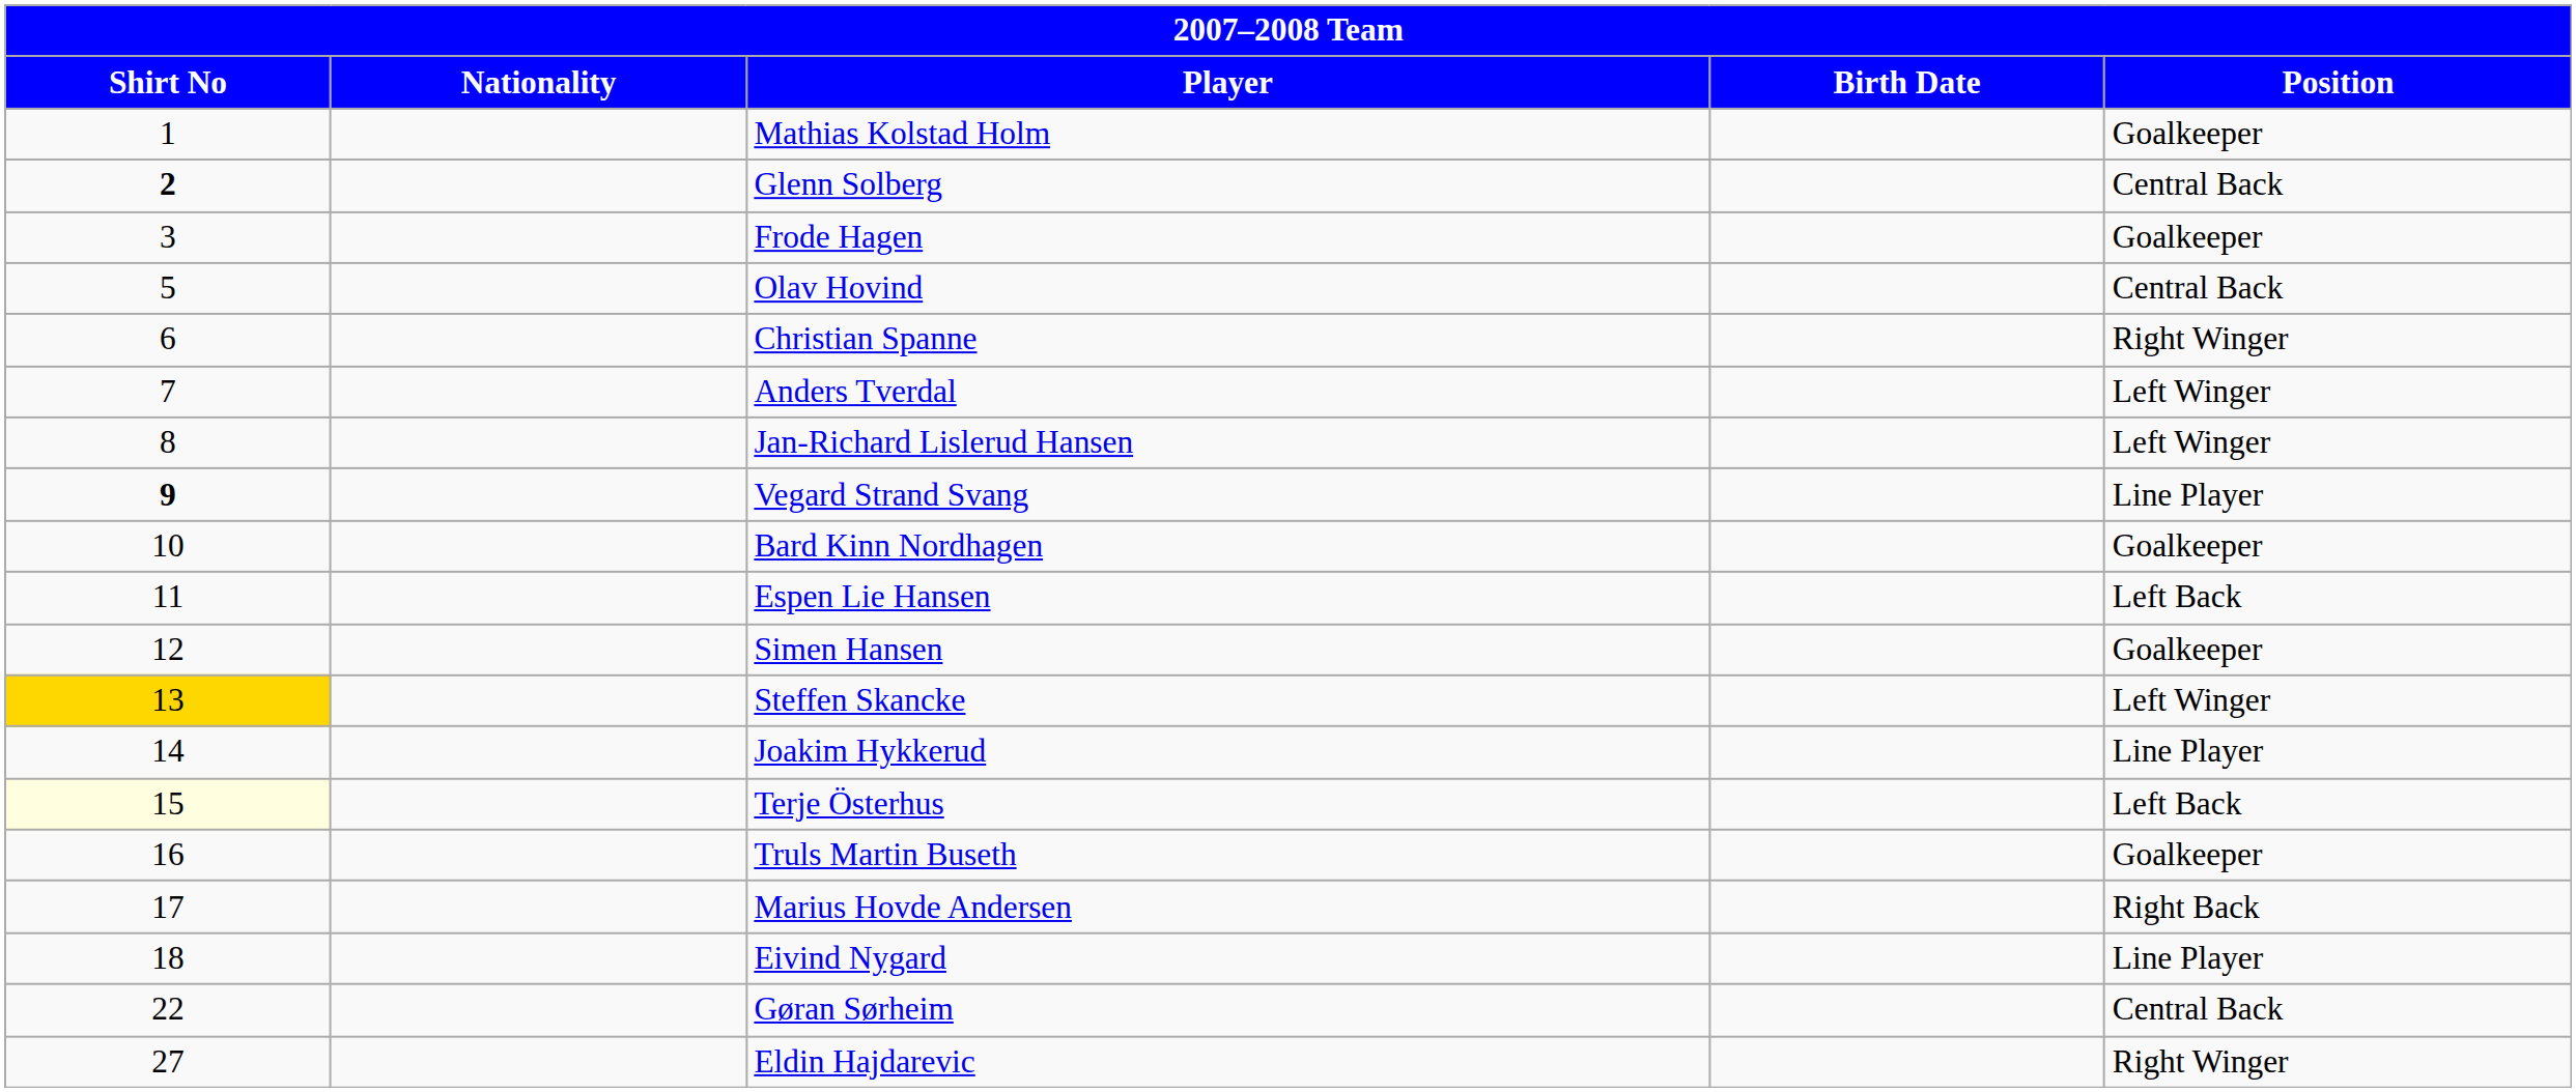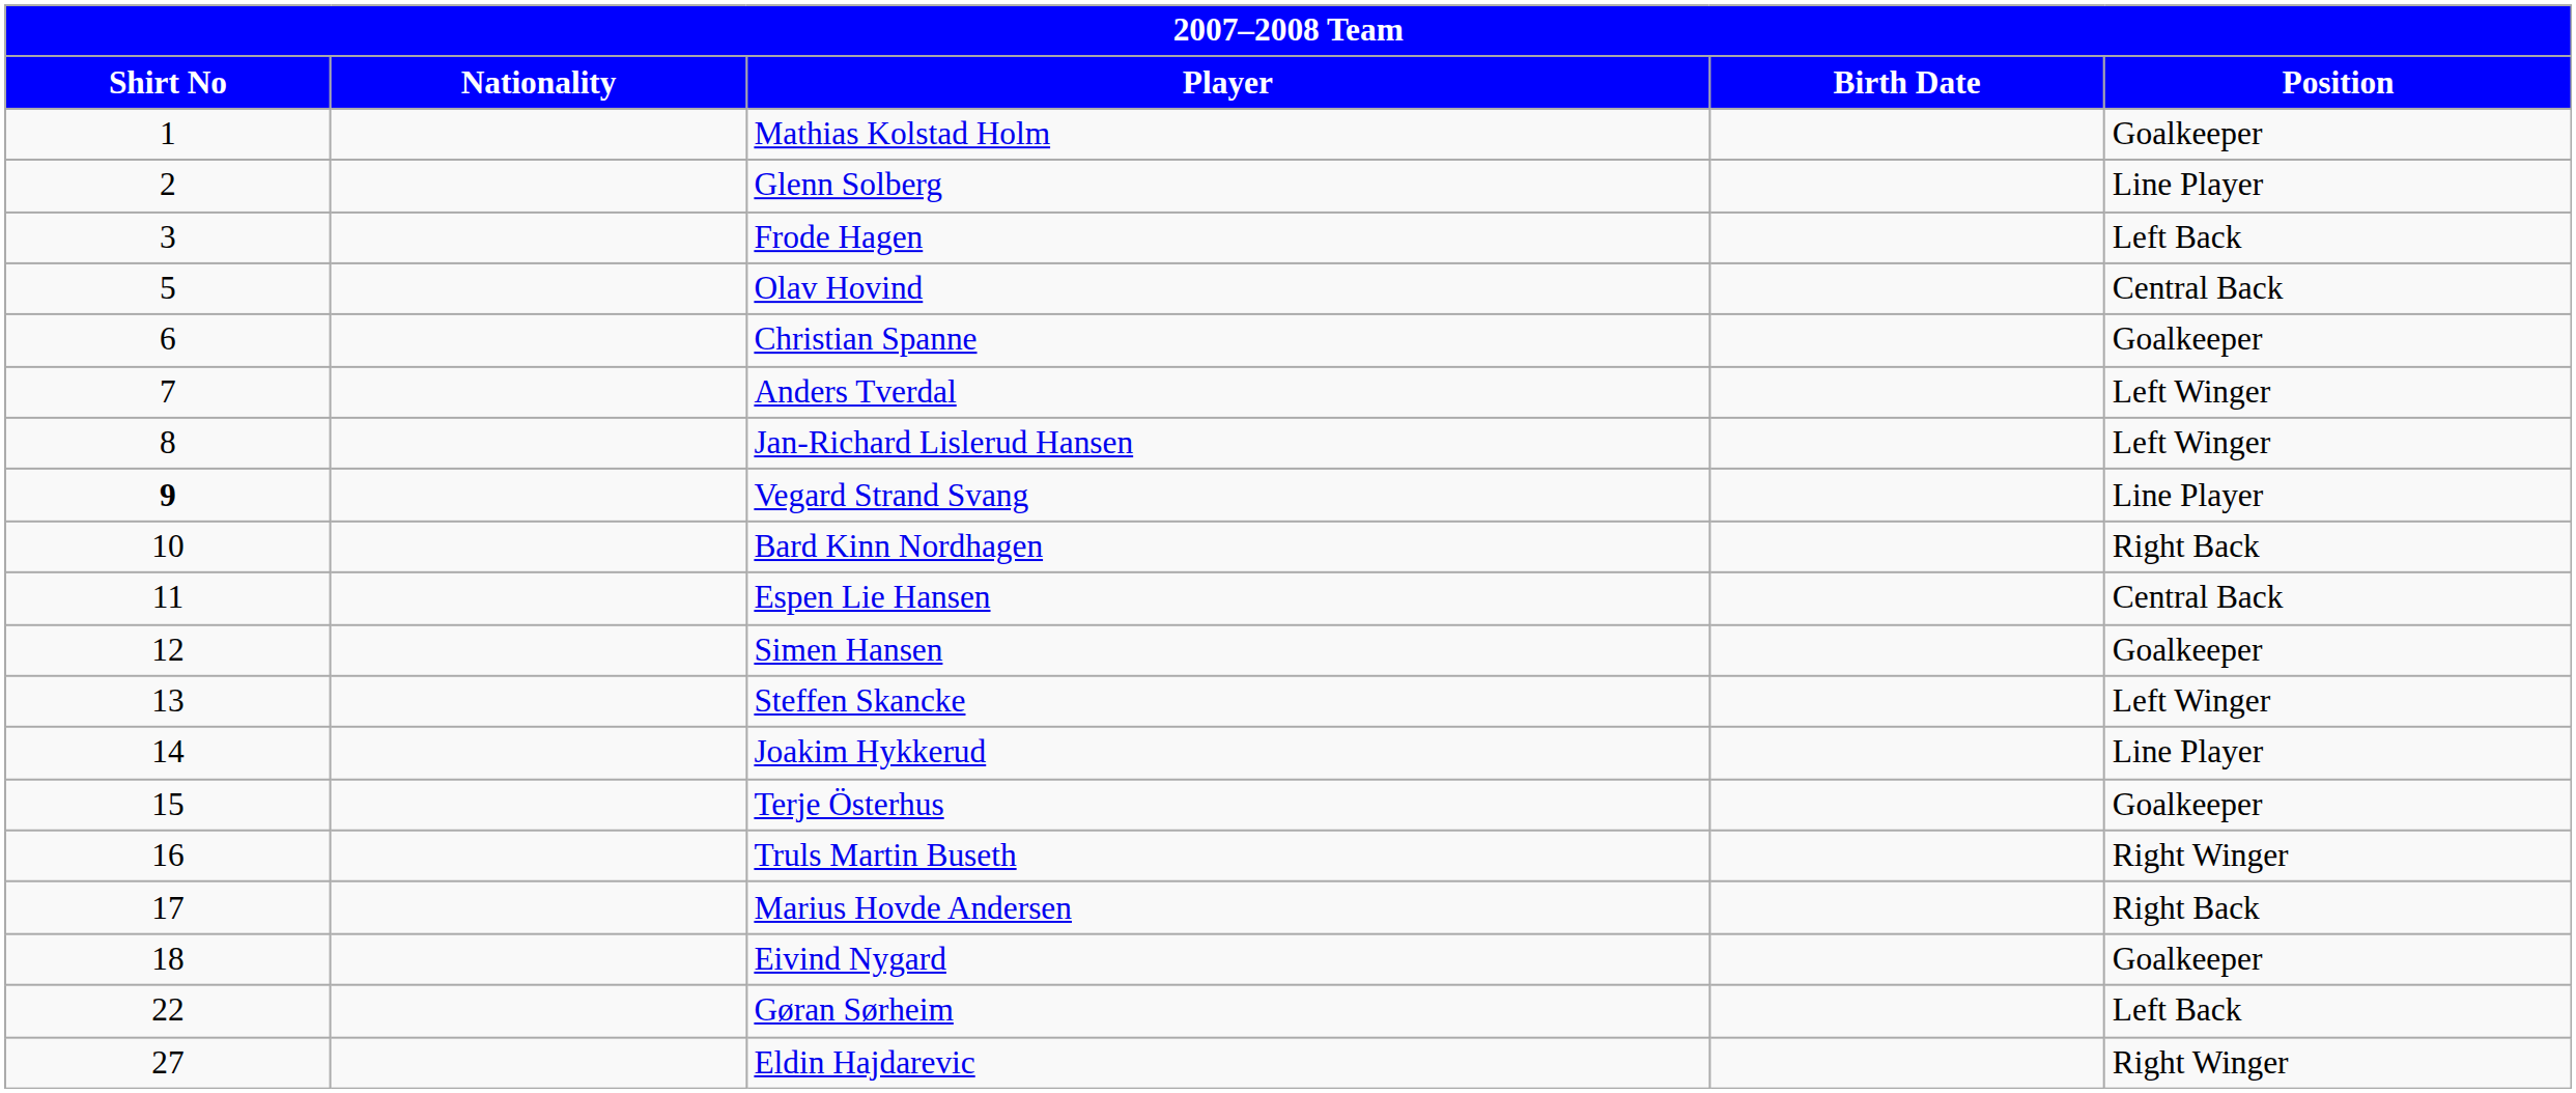 <table class="wikitable collapsible collapsed" style="width:100%">
 <tr>
 <th colspan=5 style="background-color:#0000FF;color:#FFFFFF;text-align:center;"> <strong>2007–2008 Team</strong></th>
 </tr>
 <tr>
 <th style="color:#FFFFFF; background:#0000FF">Shirt No</th>
 <th style="color:#FFFFFF; background:#0000FF">Nationality</th>
 <th style="color:#FFFFFF; background:#0000FF">Player</th>
 <th style="color:#FFFFFF; background:#0000FF">Birth Date</th>
 <th style="color:#FFFFFF; background:#0000FF">Position</th>
 </tr>
 <tr>
 <td align=center>1</td>
 <td></td>
 <td><a href='#'>Mathias Kolstad Holm</a></td>
 <td></td>
 <td>Goalkeeper</td>
 </tr>
 <tr>
-<td align=center><strong>2</strong></td>
+<td align=center>2</td>
 <td></td>
 <td><a href='#'>Glenn Solberg</a></td>
 <td></td>
-<td>Central Back</td>
+<td>Line Player</td>
 </tr>
 <tr>
 <td align=center>3</td>
 <td></td>
 <td><a href='#'>Frode Hagen</a></td>
 <td></td>
-<td>Goalkeeper</td>
+<td>Left Back</td>
 </tr>
 <tr>
 <td align=center>5</td>
 <td></td>
 <td><a href='#'>Olav Hovind</a></td>
 <td></td>
 <td>Central Back</td>
 </tr>
 <tr>
 <td align=center>6</td>
 <td></td>
 <td><a href='#'>Christian Spanne</a></td>
 <td></td>
-<td>Right Winger</td>
+<td>Goalkeeper</td>
 </tr>
 <tr>
 <td align=center>7</td>
 <td></td>
 <td><a href='#'>Anders Tverdal</a></td>
 <td></td>
 <td>Left Winger</td>
 </tr>
 <tr>
 <td align=center>8</td>
 <td></td>
 <td><a href='#'>Jan-Richard Lislerud Hansen</a></td>
 <td></td>
 <td>Left Winger</td>
 </tr>
 <tr>
 <td align=center><strong>9</strong></td>
 <td></td>
 <td><a href='#'>Vegard Strand Svang</a></td>
 <td></td>
 <td>Line Player</td>
 </tr>
 <tr>
 <td align=center>10</td>
 <td></td>
 <td><a href='#'>Bard Kinn Nordhagen</a></td>
 <td></td>
-<td>Goalkeeper</td>
+<td>Right Back</td>
 </tr>
 <tr>
 <td align=center>11</td>
 <td></td>
 <td><a href='#'>Espen Lie Hansen</a></td>
 <td></td>
-<td>Left Back</td>
+<td>Central Back</td>
 </tr>
 <tr>
 <td align=center>12</td>
 <td></td>
 <td><a href='#'>Simen Hansen</a></td>
 <td></td>
 <td>Goalkeeper</td>
 </tr>
 <tr>
-<td align=center style="background: gold;">13</td>
+<td align=center>13</td>
 <td></td>
 <td><a href='#'>Steffen Skancke</a></td>
 <td></td>
 <td>Left Winger</td>
 </tr>
 <tr>
 <td align=center>14</td>
 <td></td>
 <td><a href='#'>Joakim Hykkerud</a></td>
 <td></td>
 <td>Line Player</td>
 </tr>
 <tr>
-<td align=center style="background: lightyellow;">15</td>
+<td align=center>15</td>
 <td></td>
 <td><a href='#'>Terje Österhus</a></td>
 <td></td>
-<td>Left Back</td>
+<td>Goalkeeper</td>
 </tr>
 <tr>
 <td align=center>16</td>
 <td></td>
 <td><a href='#'>Truls Martin Buseth</a></td>
 <td></td>
-<td>Goalkeeper</td>
+<td>Right Winger</td>
 </tr>
 <tr>
 <td align=center>17</td>
 <td></td>
 <td><a href='#'>Marius Hovde Andersen</a></td>
 <td></td>
 <td>Right Back</td>
 </tr>
 <tr>
 <td align=center>18</td>
 <td></td>
 <td><a href='#'>Eivind Nygard</a></td>
 <td></td>
-<td>Line Player</td>
+<td>Goalkeeper</td>
 </tr>
 <tr>
 <td align=center>22</td>
 <td></td>
 <td><a href='#'>Gøran Sørheim</a></td>
 <td></td>
-<td>Central Back</td>
+<td>Left Back</td>
 </tr>
 <tr>
 <td align=center>27</td>
 <td></td>
 <td><a href='#'>Eldin Hajdarevic</a></td>
 <td></td>
 <td>Right Winger</td>
 </tr>
 </table>
